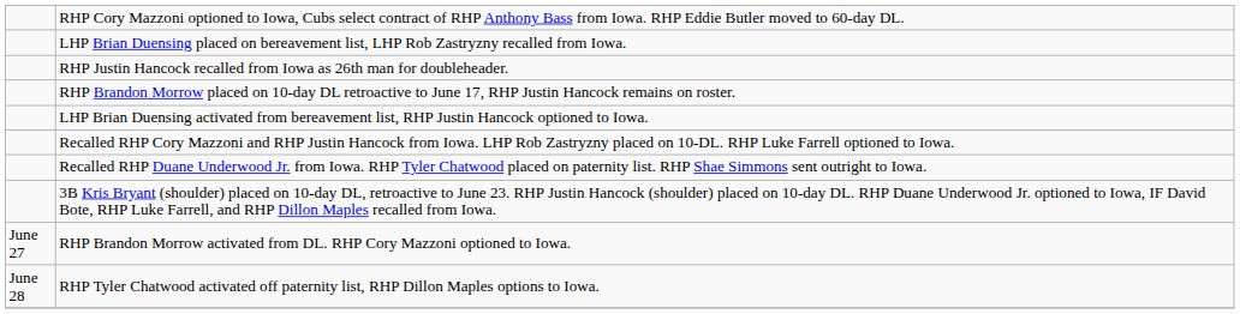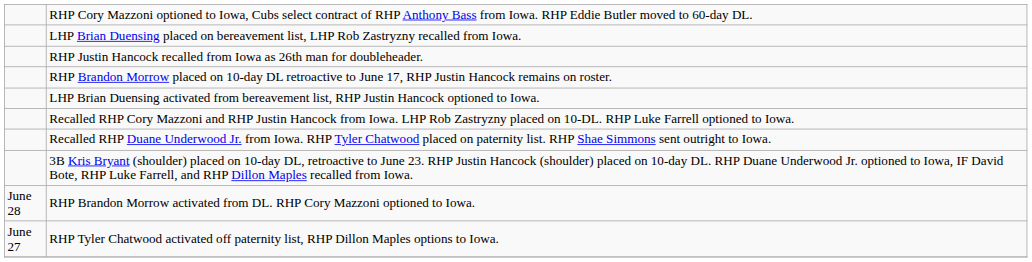 <table class="wikitable">
 <tr>
 <td></td>
 <td>RHP Cory Mazzoni optioned to Iowa, Cubs select contract of RHP <a href='#'>Anthony Bass</a> from Iowa. RHP Eddie Butler moved to 60-day DL.</td>
 </tr>
 <tr>
 <td></td>
 <td>LHP <a href='#'>Brian Duensing</a> placed on bereavement list, LHP Rob Zastryzny recalled from Iowa.</td>
 </tr>
 <tr>
 <td></td>
 <td>RHP Justin Hancock recalled from Iowa as 26th man for doubleheader.</td>
 </tr>
 <tr>
 <td></td>
 <td>RHP <a href='#'>Brandon Morrow</a> placed on 10-day DL retroactive to June 17, RHP Justin Hancock remains on roster.</td>
 </tr>
 <tr>
 <td></td>
 <td>LHP Brian Duensing activated from bereavement list, RHP Justin Hancock optioned to Iowa.</td>
 </tr>
 <tr>
 <td></td>
 <td>Recalled RHP Cory Mazzoni and RHP Justin Hancock from Iowa. LHP Rob Zastryzny placed on 10-DL. RHP Luke Farrell optioned to Iowa.</td>
 </tr>
 <tr>
 <td></td>
 <td>Recalled RHP <a href='#'>Duane Underwood Jr.</a> from Iowa. RHP <a href='#'>Tyler Chatwood</a> placed on paternity list. RHP <a href='#'>Shae Simmons</a> sent outright to Iowa.</td>
 </tr>
 <tr>
 <td></td>
 <td>3B <a href='#'>Kris Bryant</a> (shoulder) placed on 10-day DL, retroactive to June 23. RHP Justin Hancock (shoulder) placed on 10-day DL. RHP Duane Underwood Jr. optioned to Iowa, IF David Bote, RHP Luke Farrell, and RHP <a href='#'>Dillon Maples</a> recalled from Iowa.</td>
 </tr>
 <tr>
-<td>June 27</td>
+<td>June 28</td>
 <td>RHP Brandon Morrow activated from DL. RHP Cory Mazzoni optioned to Iowa.</td>
 </tr>
 <tr>
-<td>June 28</td>
+<td>June 27</td>
 <td>RHP Tyler Chatwood activated off paternity list, RHP Dillon Maples options to Iowa.</td>
 </tr>
 <tr>
 </tr>
 </table>
